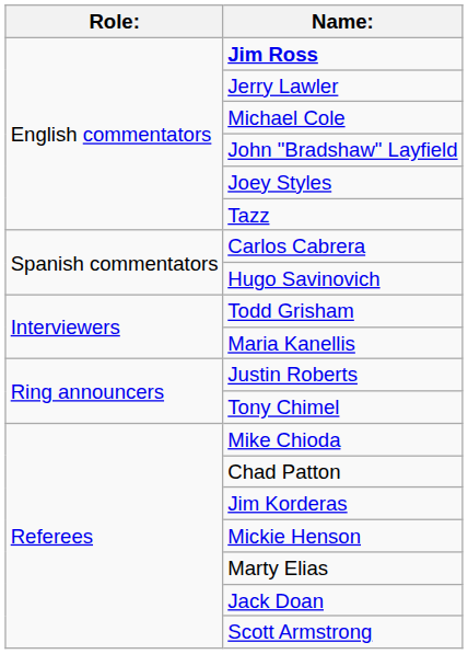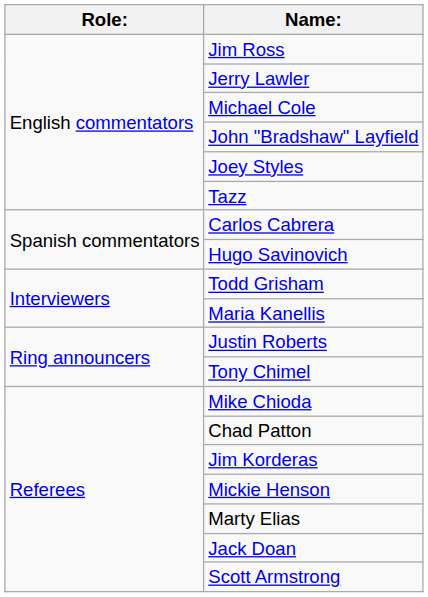 <table class=wikitable style="font-size:90%; margin: 0.5em 0 0.5em 1em; float: right; clear: right;">
 <tr>
 <th>Role:</th>
 <th>Name:</th>
 </tr>
 <tr>
 <td rowspan=6>English <a href='#'>commentators</a></td>
-<td><strong><a href='#'>Jim Ross</a> </strong></td>
+<td><a href='#'>Jim Ross</a> </td>
 </tr>
 <tr>
 <td><a href='#'>Jerry Lawler</a> </td>
 </tr>
 <tr>
 <td><a href='#'>Michael Cole</a> </td>
 </tr>
 <tr>
 <td><a href='#'>John "Bradshaw" Layfield</a> </td>
 </tr>
 <tr>
 <td><a href='#'>Joey Styles</a> </td>
 </tr>
 <tr>
 <td><a href='#'>Tazz</a> </td>
 </tr>
 <tr>
 <td rowspan=2>Spanish commentators</td>
 <td><a href='#'>Carlos Cabrera</a></td>
 </tr>
 <tr>
 <td><a href='#'>Hugo Savinovich</a></td>
 </tr>
 <tr>
 <td rowspan=2><a href='#'>Interviewers</a></td>
 <td><a href='#'>Todd Grisham</a></td>
 </tr>
 <tr>
 <td><a href='#'>Maria Kanellis</a></td>
 </tr>
 <tr>
 <td rowspan=2><a href='#'>Ring announcers</a></td>
 <td><a href='#'>Justin Roberts</a> </td>
 </tr>
 <tr>
 <td><a href='#'>Tony Chimel</a> </td>
 </tr>
 <tr>
 <td rowspan=7><a href='#'>Referees</a></td>
 <td><a href='#'>Mike Chioda</a> </td>
 </tr>
 <tr>
 <td>Chad Patton </td>
 </tr>
 <tr>
 <td><a href='#'>Jim Korderas</a> </td>
 </tr>
 <tr>
 <td><a href='#'>Mickie Henson</a> </td>
 </tr>
 <tr>
 <td>Marty Elias </td>
 </tr>
 <tr>
 <td><a href='#'>Jack Doan</a> </td>
 </tr>
 <tr>
 <td><a href='#'>Scott Armstrong</a> </td>
 </tr>
 </table>
